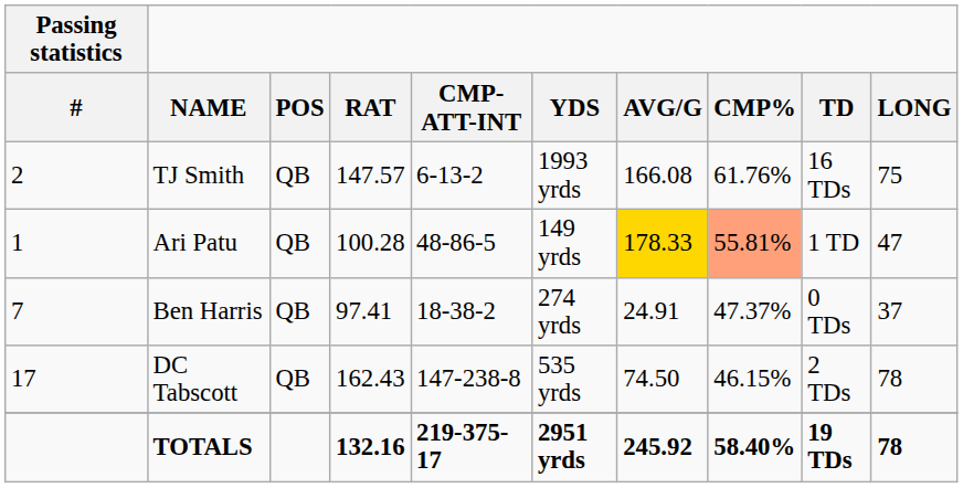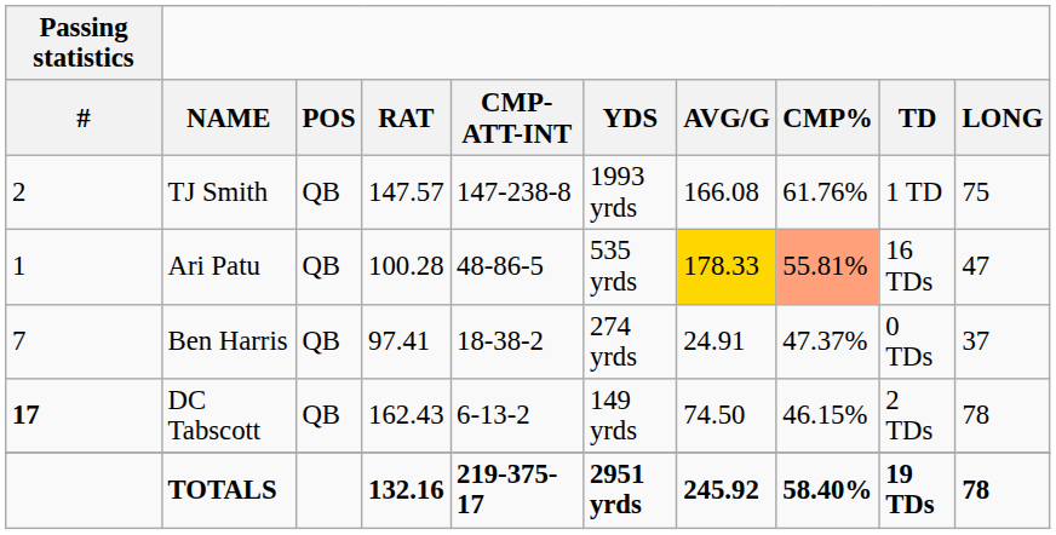 <table class="wikitable">
 <tr>
 <th style="text-align:center; ">Passing statistics</th>
 </tr>
 <tr>
 <th>#</th>
 <th>NAME</th>
 <th>POS</th>
 <th>RAT</th>
 <th>CMP-ATT-INT</th>
 <th>YDS</th>
 <th>AVG/G</th>
 <th>CMP%</th>
 <th>TD</th>
 <th>LONG</th>
 </tr>
 <tr>
 <td>2</td>
 <td>TJ Smith</td>
 <td>QB</td>
 <td>147.57</td>
-<td>6-13-2</td>
+<td>147-238-8</td>
 <td>1993 yrds</td>
 <td>166.08</td>
 <td>61.76%</td>
-<td>16 TDs</td>
+<td>1 TD</td>
 <td>75</td>
 </tr>
 <tr>
 <td>1</td>
 <td>Ari Patu</td>
 <td>QB</td>
 <td>100.28</td>
 <td>48-86-5</td>
-<td>149 yrds</td>
+<td>535 yrds</td>
 <td style="background: gold;">178.33</td>
 <td style="background: lightsalmon;">55.81%</td>
-<td>1 TD</td>
+<td>16 TDs</td>
 <td>47</td>
 </tr>
 <tr>
 <td>7</td>
 <td>Ben Harris</td>
 <td>QB</td>
 <td>97.41</td>
 <td>18-38-2</td>
 <td>274 yrds</td>
 <td>24.91</td>
 <td>47.37%</td>
 <td>0 TDs</td>
 <td>37</td>
 </tr>
 <tr>
-<td>17</td>
+<td><strong>17</strong></td>
 <td>DC Tabscott</td>
 <td>QB</td>
 <td>162.43</td>
-<td>147-238-8</td>
-<td>535 yrds</td>
+<td>6-13-2</td>
+<td>149 yrds</td>
 <td>74.50</td>
 <td>46.15%</td>
 <td>2 TDs</td>
 <td>78</td>
 </tr>
 <tr>
 </tr>
 <tr>
 <td></td>
 <td><strong>TOTALS</strong></td>
 <td></td>
 <td><strong>132.16</strong></td>
 <td><strong>219-375-17</strong></td>
 <td><strong>2951 yrds</strong></td>
 <td><strong>245.92</strong></td>
 <td><strong>58.40%</strong></td>
 <td><strong>19 TDs</strong></td>
 <td><strong>78</strong></td>
 </tr>
 </table>
